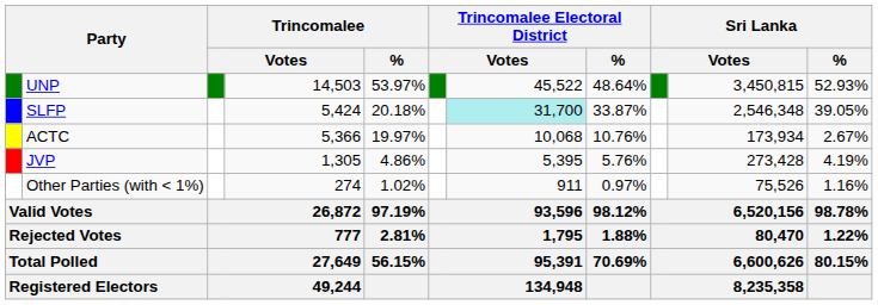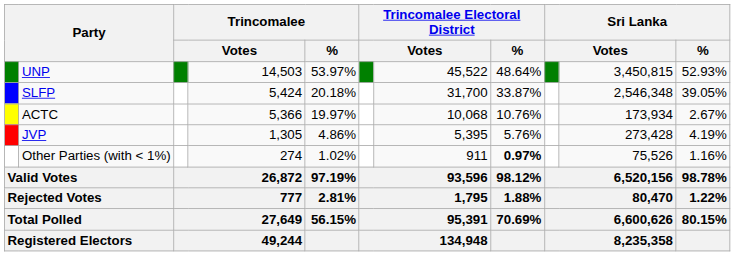 <table class="wikitable">
 <tr>
 <th colspan="2" width="144px"rowspan="2">Party</th>
 <th colspan="3" width="216px">Trincomalee</th>
 <th colspan="3" width="216px"><a href='#'>Trincomalee Electoral District</a></th>
 <th colspan="3" width="216px">Sri Lanka</th>
 </tr>
 <tr>
 <th colspan="2" width="144px">Votes</th>
 <th>%</th>
 <th colspan="2" width="144px">Votes</th>
 <th>%</th>
 <th colspan="2" width="144px">Votes</th>
 <th>%</th>
 </tr>
 <tr>
 <td style="background-color:green;" width="10px"></td>
 <td style="text-align:left;"><a href='#'>UNP</a></td>
 <td style="background-color:green;" width="10px"></td>
 <td style="text-align:right;">14,503</td>
 <td style="text-align:right;">53.97%</td>
 <td style="background-color:green;" width="10px"></td>
 <td style="text-align:right;">45,522</td>
 <td style="text-align:right;">48.64%</td>
 <td style="background-color:green;" width="10px"></td>
 <td style="text-align:right;">3,450,815</td>
 <td style="text-align:right;">52.93%</td>
 </tr>
 <tr>
 <td style="background-color:blue;" width="10px"></td>
 <td style="text-align:left;"><a href='#'>SLFP</a></td>
 <td style="background-color:white;" width="10px"></td>
 <td style="text-align:right;">5,424</td>
 <td style="text-align:right;">20.18%</td>
 <td style="background-color:white;" width="10px"></td>
-<td style="background: paleturquoise; text-align:right;">31,700</td>
+<td style="text-align:right;">31,700</td>
 <td style="text-align:right;">33.87%</td>
 <td style="background-color:white;" width="10px"></td>
 <td style="text-align:right;">2,546,348</td>
 <td style="text-align:right;">39.05%</td>
 </tr>
 <tr>
 <td style="background-color:yellow;" width="10px"></td>
 <td style="text-align:left;">ACTC</td>
 <td style="background-color:white;" width="10px"></td>
 <td style="text-align:right;">5,366</td>
 <td style="text-align:right;">19.97%</td>
 <td style="background-color:white;" width="10px"></td>
 <td style="text-align:right;">10,068</td>
 <td style="text-align:right;">10.76%</td>
 <td style="background-color:white;" width="10px"></td>
 <td style="text-align:right;">173,934</td>
 <td style="text-align:right;">2.67%</td>
 </tr>
 <tr>
 <td style="background-color:red;" width="10px"></td>
 <td style="text-align:left;"><a href='#'>JVP</a></td>
 <td style="background-color:white;" width="10px"></td>
 <td style="text-align:right;">1,305</td>
 <td style="text-align:right;">4.86%</td>
 <td style="background-color:white;" width="10px"></td>
 <td style="text-align:right;">5,395</td>
 <td style="text-align:right;">5.76%</td>
 <td style="background-color:white;" width="10px"></td>
 <td style="text-align:right;">273,428</td>
 <td style="text-align:right;">4.19%</td>
 </tr>
 <tr>
 <td style="background-color:white;" width="10px"></td>
 <td style="text-align:left;">Other Parties (with < 1%)</td>
 <td style="background-color:white;" width="10px"></td>
 <td style="text-align:right;">274</td>
 <td style="text-align:right;">1.02%</td>
 <td style="background-color:white;" width="10px"></td>
 <td style="text-align:right;">911</td>
-<td style="text-align:right;">0.97%</td>
+<td style="text-align:right;"><strong>0.97%</strong></td>
 <td style="background-color:white;" width="10px"></td>
 <td style="text-align:right;">75,526</td>
 <td style="text-align:right;">1.16%</td>
 </tr>
 <tr>
 <th colspan="2" width="144px"style="text-align:left;">Valid Votes</th>
 <th style="text-align:right;"colspan="2" width="144px">26,872</th>
 <th style="text-align:right;">97.19%</th>
 <th style="text-align:right;"colspan="2" width="144px">93,596</th>
 <th style="text-align:right;">98.12%</th>
 <th style="text-align:right;"colspan="2" width="144px">6,520,156</th>
 <th style="text-align:right;">98.78%</th>
 </tr>
 <tr>
 <th colspan="2" width="144px"style="text-align:left;">Rejected Votes</th>
 <th style="text-align:right;"colspan="2" width="144px">777</th>
 <th style="text-align:right;">2.81%</th>
 <th style="text-align:right;"colspan="2" width="144px">1,795</th>
 <th style="text-align:right;">1.88%</th>
 <th style="text-align:right;"colspan="2" width="144px">80,470</th>
 <th style="text-align:right;">1.22%</th>
 </tr>
 <tr>
 <th colspan="2" width="144px"style="text-align:left;">Total Polled</th>
 <th style="text-align:right;"colspan="2" width="144px">27,649</th>
 <th style="text-align:right;">56.15%</th>
 <th style="text-align:right;"colspan="2" width="144px">95,391</th>
 <th style="text-align:right;">70.69%</th>
 <th style="text-align:right;"colspan="2" width="144px">6,600,626</th>
 <th style="text-align:right;">80.15%</th>
 </tr>
 <tr>
 <th colspan="2" width="144px"style="text-align:left;">Registered Electors</th>
 <th style="text-align:right;"colspan="2" width="144px">49,244</th>
 <th></th>
 <th style="text-align:right;"colspan="2" width="144px">134,948</th>
 <th></th>
 <th style="text-align:right;"colspan="2" width="144px">8,235,358</th>
 <th></th>
 </tr>
 </table>
